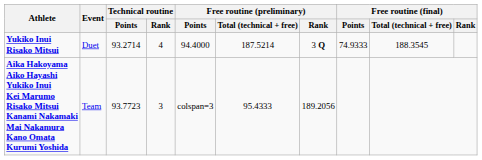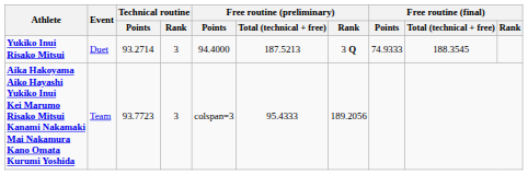 <table class="wikitable" style="font-size:90%">
 <tr>
 <th rowspan="2">Athlete</th>
 <th rowspan="2">Event</th>
 <th colspan=2>Technical routine</th>
 <th colspan=3>Free routine (preliminary)</th>
 <th colspan=3>Free routine (final)</th>
 </tr>
 <tr style="font-size:95%">
 <th>Points</th>
 <th>Rank</th>
 <th>Points</th>
 <th>Total (technical + free)</th>
 <th>Rank</th>
 <th>Points</th>
 <th>Total (technical + free)</th>
 <th>Rank</th>
 </tr>
 <tr align=center>
 <td align=left><strong><a href='#'>Yukiko Inui</a><br><a href='#'>Risako Mitsui</a></strong></td>
 <td align=left><a href='#'>Duet</a></td>
 <td>93.2714</td>
-<td>4</td>
+<td>3</td>
 <td>94.4000</td>
-<td>187.5214</td>
+<td>187.5213</td>
 <td>3 <strong>Q</strong></td>
 <td>74.9333</td>
 <td>188.3545</td>
 <td></td>
 </tr>
 <tr align=center>
 <td align=left><strong><a href='#'>Aika Hakoyama</a><br><a href='#'>Aiko Hayashi</a><br><a href='#'>Yukiko Inui</a><br><a href='#'>Kei Marumo</a><br><a href='#'>Risako Mitsui</a><br><a href='#'>Kanami Nakamaki</a><br><a href='#'>Mai Nakamura</a><br><a href='#'>Kano Omata</a><br><a href='#'>Kurumi Yoshida</a></strong></td>
 <td align=left><a href='#'>Team</a></td>
 <td>93.7723</td>
 <td>3</td>
 <td>colspan=3 </td>
 <td>95.4333</td>
 <td>189.2056</td>
 <td></td>
 </tr>
 </table>
